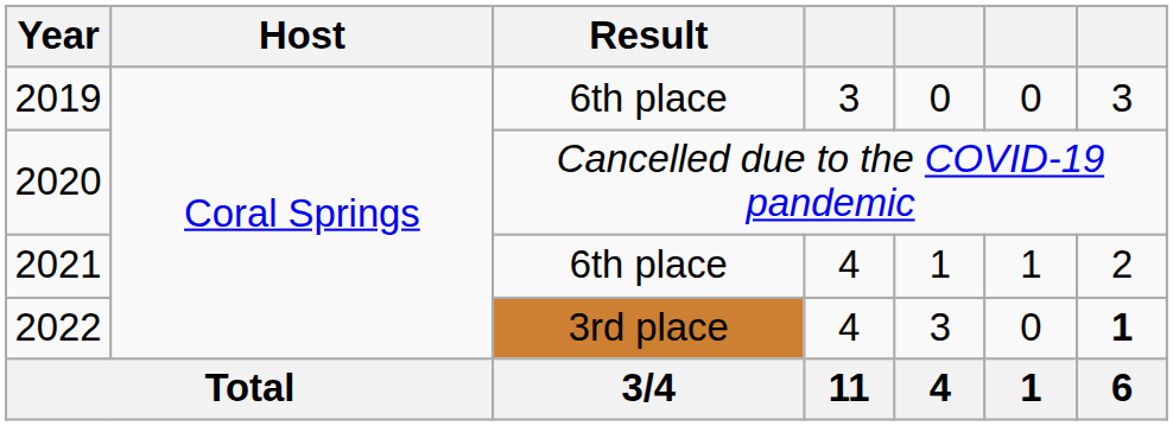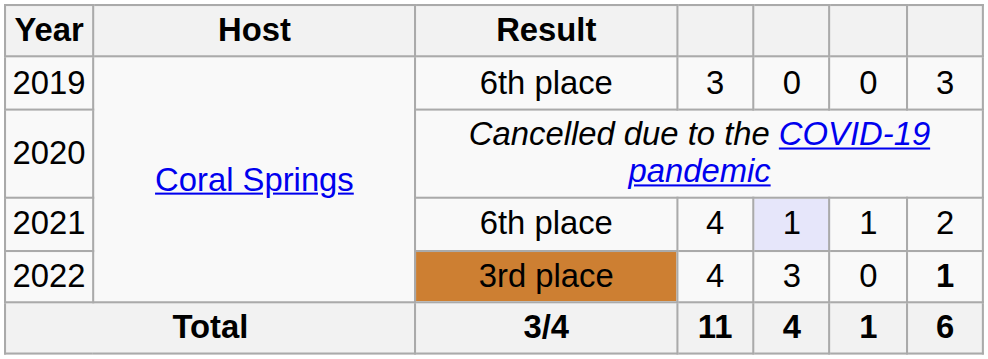 <table class="wikitable" style="text-align:center">
 <tr>
 <th width=30>Year</th>
 <th width=150>Host</th>
 <th width=120>Result</th>
 <th width=30></th>
 <th width=30></th>
 <th width=30></th>
 <th width=30></th>
 </tr>
 <tr>
 <td>2019</td>
 <td rowspan=4> <a href='#'>Coral Springs</a></td>
 <td>6th place<br></td>
 <td>3</td>
 <td>0</td>
 <td>0</td>
 <td>3</td>
 </tr>
 <tr>
 <td>2020</td>
 <td colspan=5><em>Cancelled due to the <a href='#'>COVID-19 pandemic</a></em></td>
 </tr>
 <tr>
 <td>2021</td>
 <td>6th place<br></td>
 <td>4</td>
-<td>1</td>
+<td style="background: lavender;">1</td>
 <td>1</td>
 <td>2</td>
 </tr>
 <tr>
 <td>2022</td>
 <td bgcolor="#CD7F32"> 3rd place<br></td>
 <td>4</td>
 <td>3</td>
 <td>0</td>
 <td><strong>1</strong></td>
 </tr>
 <tr>
 <th colspan=2>Total</th>
 <th>3/4</th>
 <th>11</th>
 <th>4</th>
 <th>1</th>
 <th>6</th>
 </tr>
 </table>
